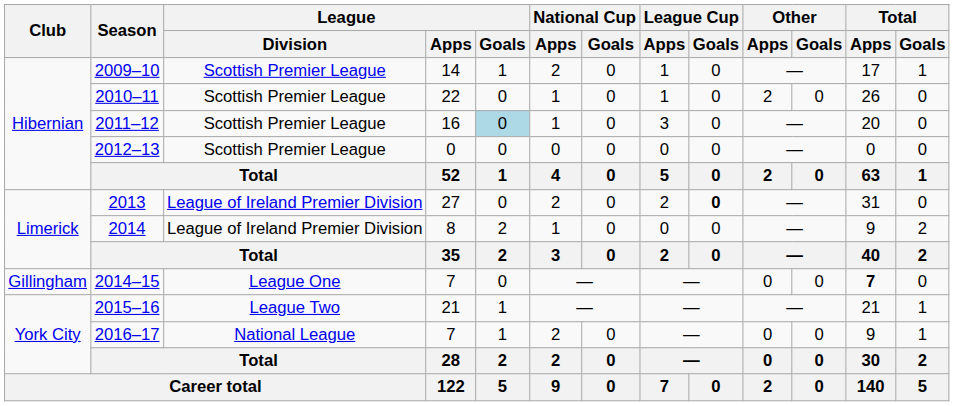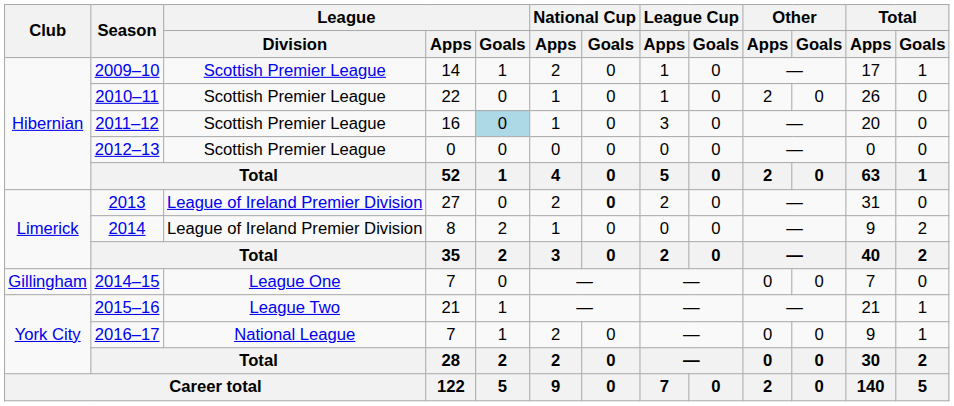 <table class=wikitable style="text-align:center">
 <tr>
 <th rowspan=2>Club</th>
 <th rowspan=2>Season</th>
 <th colspan=3>League</th>
 <th colspan=2>National Cup</th>
 <th colspan=2>League Cup</th>
 <th colspan=2>Other</th>
 <th colspan=2>Total</th>
 </tr>
 <tr>
 <th>Division</th>
 <th>Apps</th>
 <th>Goals</th>
 <th>Apps</th>
 <th>Goals</th>
 <th>Apps</th>
 <th>Goals</th>
 <th>Apps</th>
 <th>Goals</th>
 <th>Apps</th>
 <th>Goals</th>
 </tr>
 <tr>
 <td rowspan=5><a href='#'>Hibernian</a></td>
 <td><a href='#'>2009–10</a></td>
 <td><a href='#'>Scottish Premier League</a></td>
 <td>14</td>
 <td>1</td>
 <td>2</td>
 <td>0</td>
 <td>1</td>
 <td>0</td>
 <td colspan=2>—</td>
 <td>17</td>
 <td>1</td>
 </tr>
 <tr>
 <td><a href='#'>2010–11</a></td>
 <td>Scottish Premier League</td>
 <td>22</td>
 <td>0</td>
 <td>1</td>
 <td>0</td>
 <td>1</td>
 <td>0</td>
 <td>2</td>
 <td>0</td>
 <td>26</td>
 <td>0</td>
 </tr>
 <tr>
 <td><a href='#'>2011–12</a></td>
 <td>Scottish Premier League</td>
 <td>16</td>
 <td style="background: lightblue;">0</td>
 <td>1</td>
 <td>0</td>
 <td>3</td>
 <td>0</td>
 <td colspan=2>—</td>
 <td>20</td>
 <td>0</td>
 </tr>
 <tr>
 <td><a href='#'>2012–13</a></td>
 <td>Scottish Premier League</td>
 <td>0</td>
 <td>0</td>
 <td>0</td>
 <td>0</td>
 <td>0</td>
 <td>0</td>
 <td colspan=2>—</td>
 <td>0</td>
 <td>0</td>
 </tr>
 <tr>
 <th colspan=2>Total</th>
 <th>52</th>
 <th>1</th>
 <th>4</th>
 <th>0</th>
 <th>5</th>
 <th>0</th>
 <th>2</th>
 <th>0</th>
 <th>63</th>
 <th>1</th>
 </tr>
 <tr>
 <td rowspan=3><a href='#'>Limerick</a></td>
 <td><a href='#'>2013</a></td>
 <td><a href='#'>League of Ireland Premier Division</a></td>
 <td>27</td>
 <td>0</td>
 <td>2</td>
+<td><strong>0</strong></td>
+<td>2</td>
 <td>0</td>
-<td>2</td>
-<td><strong>0</strong></td>
 <td colspan=2>—</td>
 <td>31</td>
 <td>0</td>
 </tr>
 <tr>
 <td><a href='#'>2014</a></td>
 <td>League of Ireland Premier Division</td>
 <td>8</td>
 <td>2</td>
 <td>1</td>
 <td>0</td>
 <td>0</td>
 <td>0</td>
 <td colspan=2>—</td>
 <td>9</td>
 <td>2</td>
 </tr>
 <tr>
 <th colspan=2>Total</th>
 <th>35</th>
 <th>2</th>
 <th>3</th>
 <th>0</th>
 <th>2</th>
 <th>0</th>
 <th colspan=2>—</th>
 <th>40</th>
 <th>2</th>
 </tr>
 <tr>
 <td><a href='#'>Gillingham</a></td>
 <td><a href='#'>2014–15</a></td>
 <td><a href='#'>League One</a></td>
 <td>7</td>
 <td>0</td>
 <td colspan=2>—</td>
 <td colspan=2>—</td>
 <td>0</td>
 <td>0</td>
-<td><strong>7</strong></td>
+<td>7</td>
 <td>0</td>
 </tr>
 <tr>
 <td rowspan=3><a href='#'>York City</a></td>
 <td><a href='#'>2015–16</a></td>
 <td><a href='#'>League Two</a></td>
 <td>21</td>
 <td>1</td>
 <td colspan=2>—</td>
 <td colspan=2>—</td>
 <td colspan=2>—</td>
 <td>21</td>
 <td>1</td>
 </tr>
 <tr>
 <td><a href='#'>2016–17</a></td>
 <td><a href='#'>National League</a></td>
 <td>7</td>
 <td>1</td>
 <td>2</td>
 <td>0</td>
 <td colspan=2>—</td>
 <td>0</td>
 <td>0</td>
 <td>9</td>
 <td>1</td>
 </tr>
 <tr>
 <th colspan=2>Total</th>
 <th>28</th>
 <th>2</th>
 <th>2</th>
 <th>0</th>
 <th colspan=2>—</th>
 <th>0</th>
 <th>0</th>
 <th>30</th>
 <th>2</th>
 </tr>
 <tr>
 <th colspan=3>Career total</th>
 <th>122</th>
 <th>5</th>
 <th>9</th>
 <th>0</th>
 <th>7</th>
 <th>0</th>
 <th>2</th>
 <th>0</th>
 <th>140</th>
 <th>5</th>
 </tr>
 </table>
